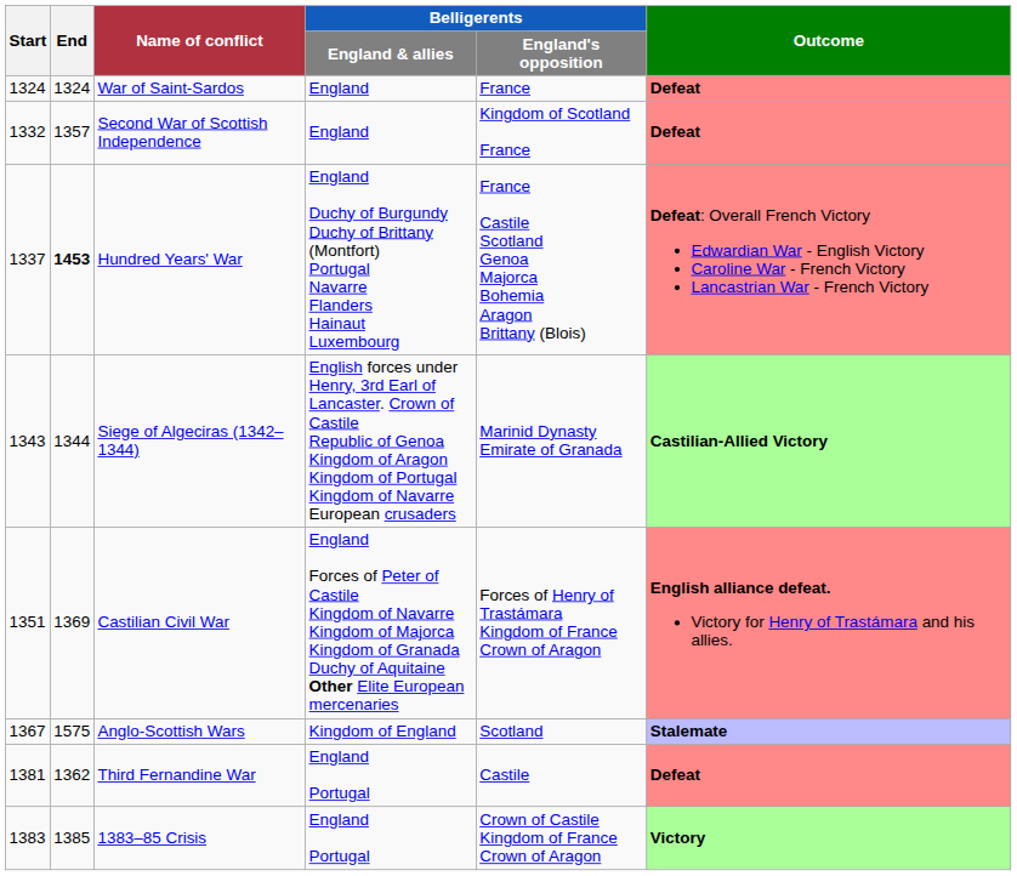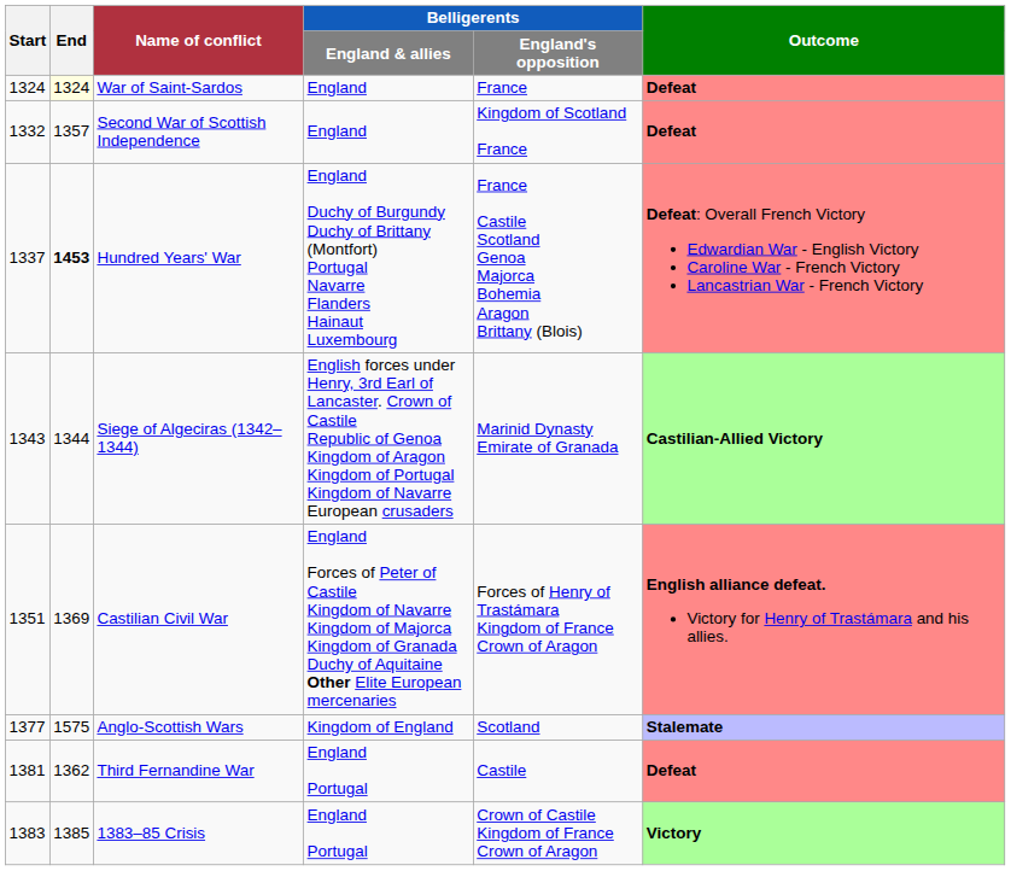 <table class="wikitable sortable">
 <tr>
 <th rowspan="2" width="25">Start</th>
 <th rowspan="2" width="25">End</th>
 <th style="color: white; background:#b0313f;" rowspan="2" width="200" class="unsortable">Name of conflict</th>
 <th style="color: white; background:#115cbc;" colspan="2" class="unsortable">Belligerents</th>
 <th style="color: white; background:green;" rowspan="2" width="350" class="unsortable">Outcome</th>
 </tr>
 <tr>
 <th style="color: white; background:gray;" width="160" class="unsortable">England & allies</th>
 <th style="color: white; background:gray;" width="160" class="unsortable">England's opposition</th>
 </tr>
 <tr>
 <td>1324</td>
-<td>1324</td>
+<td style="background: lightyellow;">1324</td>
 <td><a href='#'>War of Saint-Sardos</a></td>
 <td> <a href='#'>England</a></td>
 <td> <a href='#'>France</a></td>
 <td style="Background:#F88"><strong>Defeat</strong></td>
 </tr>
 <tr>
 <td>1332</td>
 <td>1357</td>
 <td><a href='#'>Second War of Scottish Independence</a></td>
 <td> <a href='#'>England</a></td>
 <td> <a href='#'>Kingdom of Scotland</a><br><br> <a href='#'>France</a></td>
 <td style="Background:#F88"><strong>Defeat</strong></td>
 </tr>
 <tr>
 <td>1337</td>
 <td><strong>1453</strong></td>
 <td><a href='#'>Hundred Years' War</a></td>
 <td> <a href='#'>England</a><br><br> <a href='#'>Duchy of Burgundy</a><br>  <a href='#'>Duchy of Brittany</a> (Montfort)<br>  <a href='#'>Portugal</a><br>  <a href='#'>Navarre</a><br>  <a href='#'>Flanders</a><br>  <a href='#'>Hainaut</a><br> <a href='#'>Luxembourg</a><br> </td>
 <td> <a href='#'>France</a><br><br> <a href='#'>Castile</a><br>  <a href='#'>Scotland</a><br>  <a href='#'>Genoa</a><br>  <a href='#'>Majorca</a><br>  <a href='#'>Bohemia</a><br>  <a href='#'>Aragon</a><br>  <a href='#'>Brittany</a> (Blois)</td>
 <td style="Background:#F88"><strong>Defeat</strong>: Overall French Victory<br><ul><li><a href='#'>Edwardian War</a> - English Victory</li><li><a href='#'>Caroline War</a> - French Victory</li><li><a href='#'>Lancastrian War</a> - French Victory</li></ul></td>
 </tr>
 <tr>
 <td>1343</td>
 <td>1344</td>
 <td><a href='#'>Siege of Algeciras (1342–1344)</a></td>
 <td> <a href='#'>English</a> forces under <a href='#'>Henry, 3rd Earl of Lancaster</a>. <a href='#'>Crown of Castile</a><br> <a href='#'>Republic of Genoa</a><br> <a href='#'>Kingdom of Aragon</a><br> <a href='#'>Kingdom of Portugal</a><br> <a href='#'>Kingdom of Navarre</a><br> European <a href='#'>crusaders</a></td>
 <td> <a href='#'>Marinid Dynasty</a><br> <a href='#'>Emirate of Granada</a></td>
 <td style="Background:#AF9"><strong>Castilian-Allied Victory</strong></td>
 </tr>
 <tr>
 <td>1351</td>
 <td>1369</td>
 <td><a href='#'>Castilian Civil War</a></td>
 <td> <a href='#'>England</a><br><br> Forces of <a href='#'>Peter of Castile</a><br> <a href='#'>Kingdom of Navarre</a> <br> <a href='#'>Kingdom of Majorca</a> <br> <a href='#'>Kingdom of Granada</a> <br> <a href='#'>Duchy of Aquitaine</a> <strong>Other</strong> <a href='#'>Elite European mercenaries</a></td>
 <td> Forces of <a href='#'>Henry of Trastámara</a><br> <a href='#'>Kingdom of France</a> <br> <a href='#'>Crown of Aragon</a></td>
 <td style="Background:#F88"><strong>English alliance defeat.</strong><br><ul><li>Victory for <a href='#'>Henry of Trastámara</a> and his allies.</li></ul></td>
 </tr>
 <tr>
-<td>1367</td>
+<td>1377</td>
 <td>1575</td>
 <td><a href='#'>Anglo-Scottish Wars</a></td>
 <td> <a href='#'>Kingdom of England</a></td>
 <td> <a href='#'>Scotland</a></td>
 <td style="Background:#BBF"><strong>Stalemate</strong></td>
 </tr>
 <tr>
 <td>1381</td>
 <td>1362</td>
 <td><a href='#'>Third Fernandine War</a></td>
 <td> <a href='#'>England</a><br><br> <a href='#'>Portugal</a></td>
 <td> <a href='#'>Castile</a></td>
 <td style="Background:#F88"><strong>Defeat</strong></td>
 </tr>
 <tr>
 <td>1383</td>
 <td>1385</td>
 <td><a href='#'>1383–85 Crisis</a></td>
 <td> <a href='#'>England</a><br><br> <a href='#'>Portugal</a></td>
 <td> <a href='#'>Crown of Castile</a><br> <a href='#'>Kingdom of France</a><br> <a href='#'>Crown of Aragon</a></td>
 <td style="Background:#AF9"><strong>Victory</strong></td>
 </tr>
 </table>
